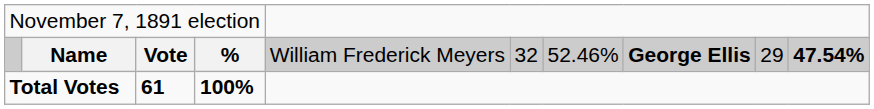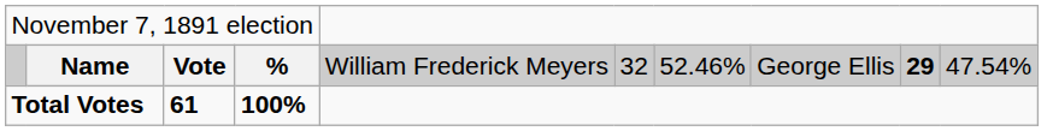 <table class="wikitable">
 <tr>
 <td colspan=4 align=center>November 7, 1891 election</td>
 </tr>
 <tr bgcolor="CCCCCC">
 <td></td>
 <th><strong>Name </strong></th>
 <th><strong>Vote</strong></th>
 <th><strong>%</strong><br></th>
 <td>William Frederick Meyers</td>
 <td>32</td>
 <td>52.46%<br></td>
-<td><strong>George Ellis</strong></td>
-<td>29</td>
-<td><strong>47.54%</strong></td>
+<td>George Ellis</td>
+<td><strong>29</strong></td>
+<td>47.54%</td>
 </tr>
 <tr>
 <td colspan=2><strong>Total Votes</strong></td>
 <td><strong>61</strong></td>
 <td><strong>100%</strong></td>
 </tr>
 </table>
